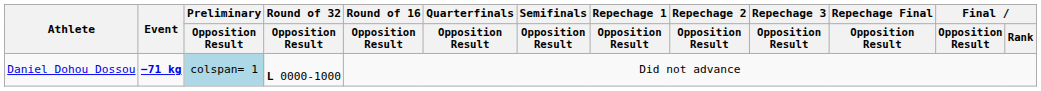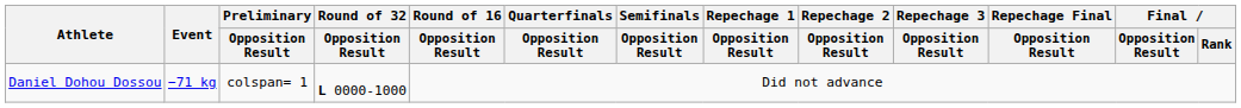 <table class="wikitable" style="font-size:90%">
 <tr>
 <th rowspan="2">Athlete</th>
 <th rowspan="2">Event</th>
 <th>Preliminary</th>
 <th>Round of 32</th>
 <th>Round of 16</th>
 <th>Quarterfinals</th>
 <th>Semifinals</th>
 <th>Repechage 1</th>
 <th>Repechage 2</th>
 <th>Repechage 3</th>
 <th>Repechage Final</th>
 <th colspan=2>Final / </th>
 </tr>
 <tr style="font-size:95%">
 <th>Opposition<br>Result</th>
 <th>Opposition<br>Result</th>
 <th>Opposition<br>Result</th>
 <th>Opposition<br>Result</th>
 <th>Opposition<br>Result</th>
 <th>Opposition<br>Result</th>
 <th>Opposition<br>Result</th>
 <th>Opposition<br>Result</th>
 <th>Opposition<br>Result</th>
 <th>Opposition<br>Result</th>
 <th>Rank</th>
 </tr>
 <tr align=center>
 <td align=left><a href='#'>Daniel Dohou Dossou</a></td>
-<td align=left><strong><a href='#'>−71 kg</a></strong></td>
-<td style="background: lightblue;">colspan= 1 </td>
+<td align=left><a href='#'>−71 kg</a></td>
+<td>colspan= 1 </td>
 <td><br><strong>L</strong> 0000-1000</td>
 <td colspan= 9>Did not advance</td>
 </tr>
 </table>
